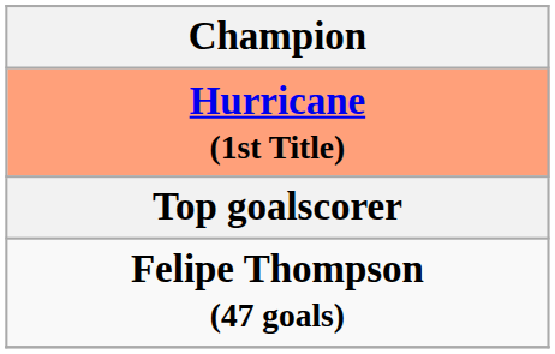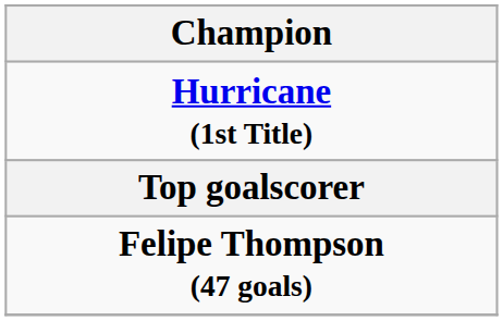 <table class="wikitable" style="margin: 0 auto; width: 220px;">
 <tr>
 <th>Champion</th>
 </tr>
 <tr>
-<td align="center" style="background: lightsalmon;"><strong><a href='#'>Hurricane</a></strong><br><small><strong>(1st Title)</strong></small></td>
+<td align="center"><strong><a href='#'>Hurricane</a></strong><br><small><strong>(1st Title)</strong></small></td>
 </tr>
 <tr>
 <th>Top goalscorer</th>
 </tr>
 <tr>
 <td align="center"><strong>Felipe Thompson</strong><br><small><strong>(47 goals)</strong></small></td>
 </tr>
 <tr>
 </tr>
 </table>
